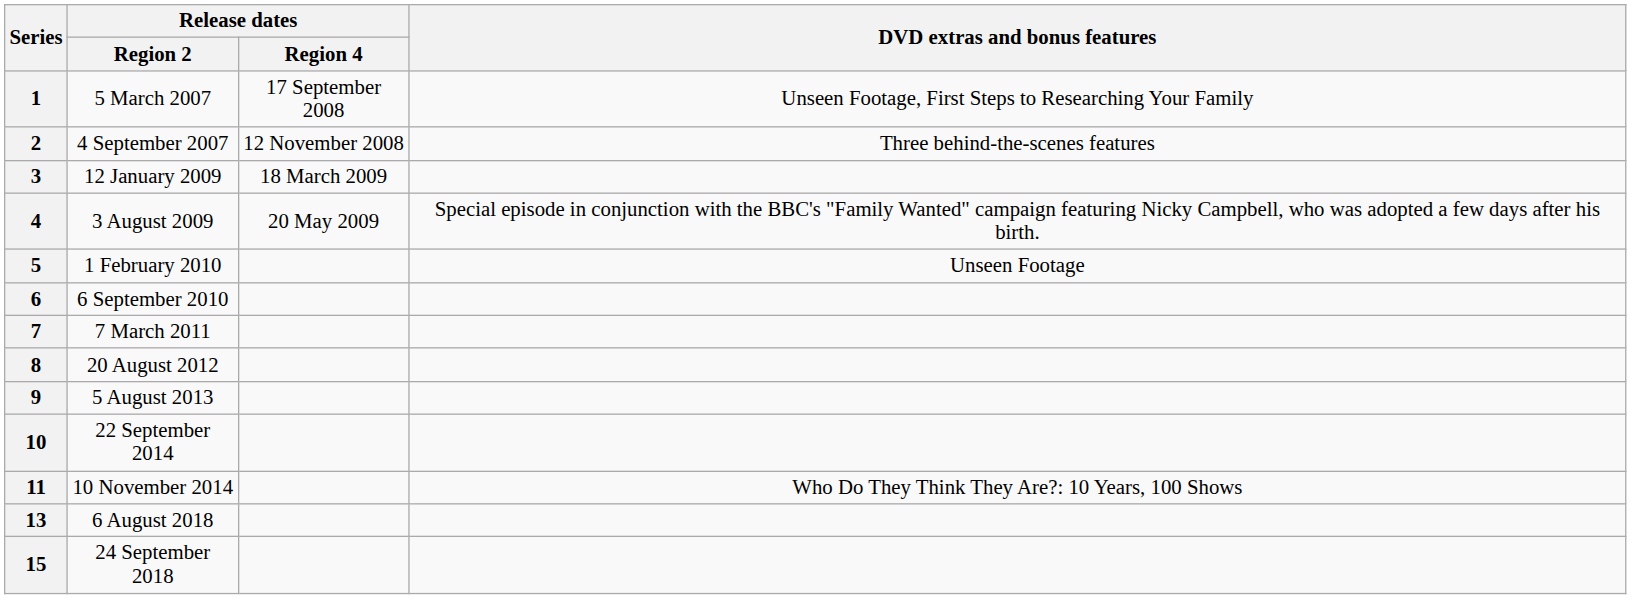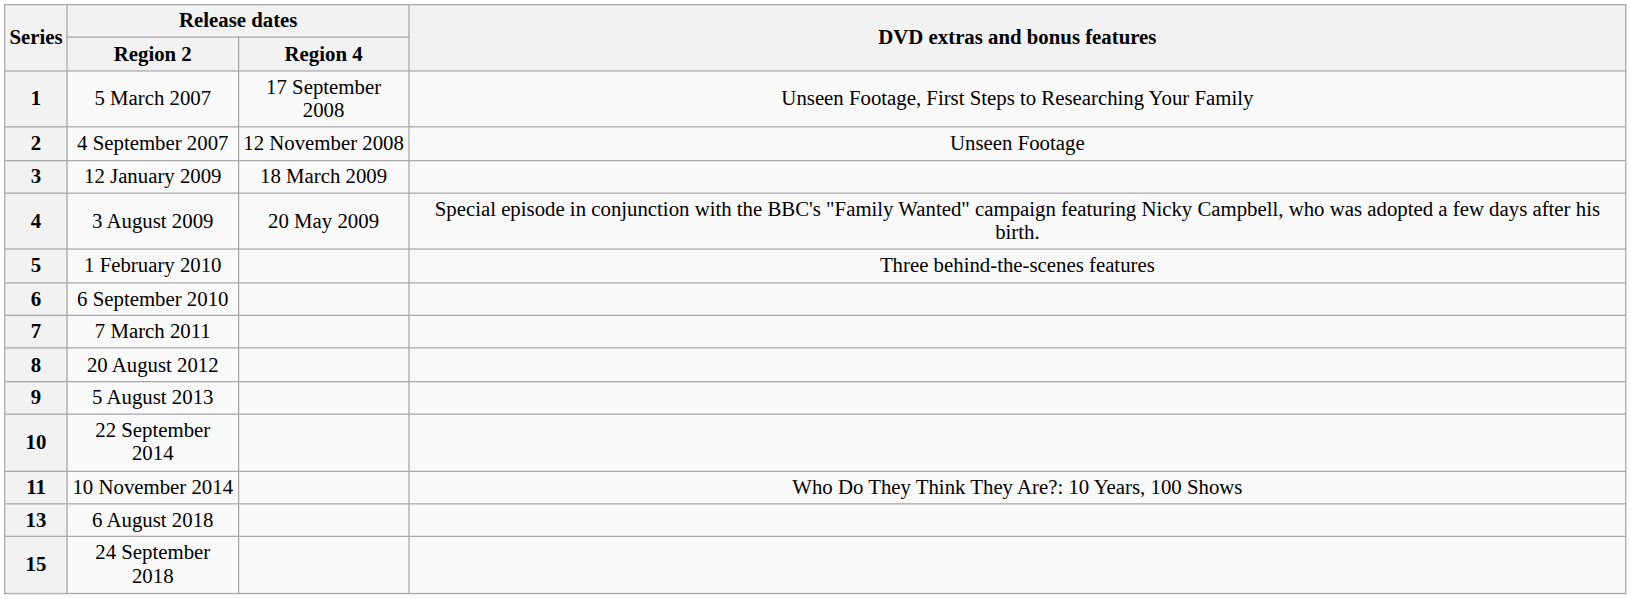 <table class="wikitable" style="text-align: center;">
 <tr>
 <th rowspan="2">Series</th>
 <th colspan="2">Release dates</th>
 <th rowspan="2">DVD extras and bonus features</th>
 </tr>
 <tr>
 <th>Region 2</th>
 <th>Region 4</th>
 </tr>
 <tr>
 <th>1</th>
 <td>5 March 2007</td>
 <td>17 September 2008</td>
 <td>Unseen Footage, First Steps to Researching Your Family</td>
 </tr>
 <tr>
 <th>2</th>
 <td>4 September 2007</td>
 <td>12 November 2008</td>
-<td>Three behind-the-scenes features</td>
+<td>Unseen Footage</td>
 </tr>
 <tr>
 <th>3</th>
 <td>12 January 2009</td>
 <td>18 March 2009</td>
 <td></td>
 </tr>
 <tr>
 <th>4</th>
 <td>3 August 2009</td>
 <td>20 May 2009</td>
 <td>Special episode in conjunction with the BBC's "Family Wanted" campaign featuring Nicky Campbell, who was adopted a few days after his birth.</td>
 </tr>
 <tr>
 <th>5</th>
 <td>1 February 2010</td>
 <td></td>
-<td>Unseen Footage</td>
+<td>Three behind-the-scenes features</td>
 </tr>
 <tr>
 <th>6</th>
 <td>6 September 2010</td>
 <td></td>
 <td></td>
 </tr>
 <tr>
 <th>7</th>
 <td>7 March 2011</td>
 <td></td>
 <td></td>
 </tr>
 <tr>
 <th>8</th>
 <td>20 August 2012</td>
 <td></td>
 <td></td>
 </tr>
 <tr>
 <th>9</th>
 <td>5 August 2013</td>
 <td></td>
 <td></td>
 </tr>
 <tr>
 <th>10</th>
 <td>22 September 2014</td>
 <td></td>
 <td></td>
 </tr>
 <tr>
 <th>11</th>
 <td>10 November 2014</td>
 <td></td>
 <td>Who Do They Think They Are?: 10 Years, 100 Shows</td>
 </tr>
 <tr>
 <th>13</th>
 <td>6 August 2018</td>
 <td></td>
 <td></td>
 </tr>
 <tr>
 <th>15</th>
 <td>24 September 2018</td>
 <td></td>
 <td></td>
 </tr>
 </table>
